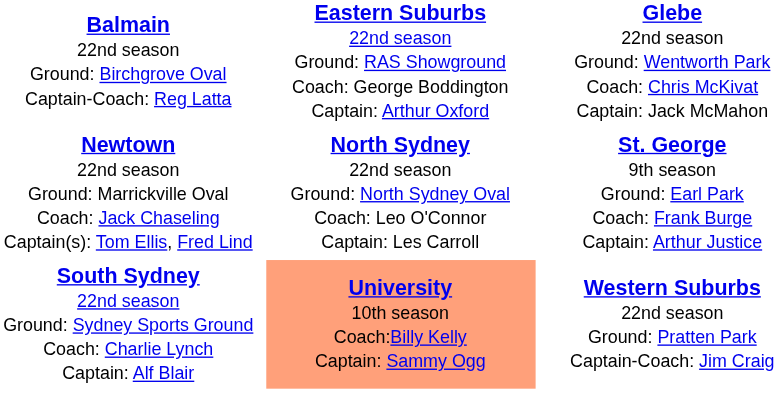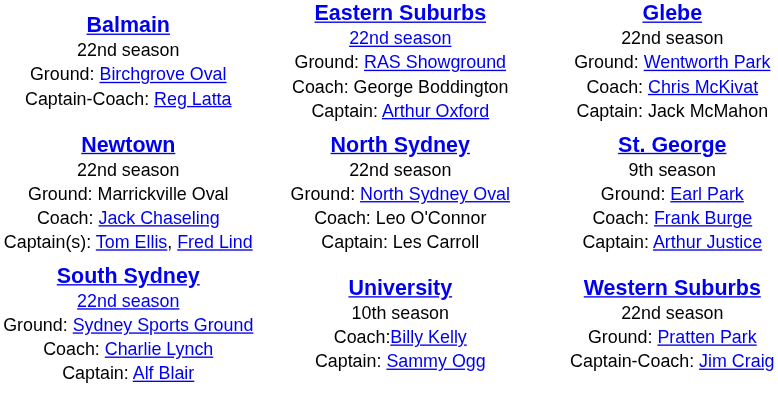 <table align="center" class="toccolours" style="text-valign: center;" cellpadding=3 cellspacing=2>
 <tr>
 <th width=195></th>
 <th width=195></th>
 <th width=195></th>
 </tr>
 <tr>
 <td align="center"><strong><a href='#'>Balmain</a></strong><br><small>22nd season<br>Ground: <a href='#'>Birchgrove Oval</a><br>Captain-Coach: <a href='#'>Reg Latta</a></small></td>
 <td align="center"><strong><a href='#'>Eastern Suburbs</a></strong><br><small><a href='#'>22nd season</a><br>Ground: <a href='#'>RAS Showground</a><br>Coach: George Boddington<br>Captain: <a href='#'>Arthur Oxford</a></small></td>
 <td align="center"><strong><a href='#'>Glebe</a></strong><br><small>22nd season<br>Ground: <a href='#'>Wentworth Park</a><br>Coach: <a href='#'>Chris McKivat</a><br>Captain: Jack McMahon</small></td>
 </tr>
 <tr>
 <td align="center"><strong><a href='#'>Newtown</a></strong><br><small>22nd season<br>Ground: Marrickville Oval<br>Coach: <a href='#'>Jack Chaseling</a><br>Captain(s): <a href='#'>Tom Ellis</a>, <a href='#'>Fred Lind</a></small></td>
 <td align="center"><strong><a href='#'>North Sydney</a></strong><br><small>22nd season<br>Ground: <a href='#'>North Sydney Oval</a><br>Coach: Leo O'Connor<br>Captain: Les Carroll</small></td>
 <td align="center"><strong><a href='#'>St. George</a></strong><br><small>9th season<br>Ground: <a href='#'>Earl Park</a><br>Coach: <a href='#'>Frank Burge</a><br>Captain: <a href='#'>Arthur Justice</a></small></td>
 </tr>
 <tr>
 <td align="center"><strong><a href='#'>South Sydney</a></strong><br><small><a href='#'>22nd season</a><br>Ground: <a href='#'>Sydney Sports Ground</a><br>Coach: <a href='#'>Charlie Lynch</a><br>Captain: <a href='#'>Alf Blair</a></small></td>
-<td align="center" style="background: lightsalmon;"><strong><a href='#'>University</a></strong><br><small>10th season<br>Coach:<a href='#'>Billy Kelly</a><br>Captain: <a href='#'>Sammy Ogg</a></small></td>
+<td align="center"><strong><a href='#'>University</a></strong><br><small>10th season<br>Coach:<a href='#'>Billy Kelly</a><br>Captain: <a href='#'>Sammy Ogg</a></small></td>
 <td align="center"><strong><a href='#'>Western Suburbs</a></strong><br><small>22nd season<br>Ground: <a href='#'>Pratten Park</a><br>Captain-Coach: <a href='#'>Jim Craig</a> </small></td>
 </tr>
 </table>
